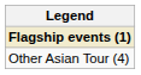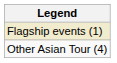 <table class="wikitable" style="font-size:95%;">
 <tr>
 <th>Legend</th>
 </tr>
 <tr style="background:#f2ecce;">
-<td><strong>Flagship events (1)</strong></td>
+<td>Flagship events (1)</td>
 </tr>
 <tr>
 <td>Other Asian Tour (4)</td>
 </tr>
 </table>
